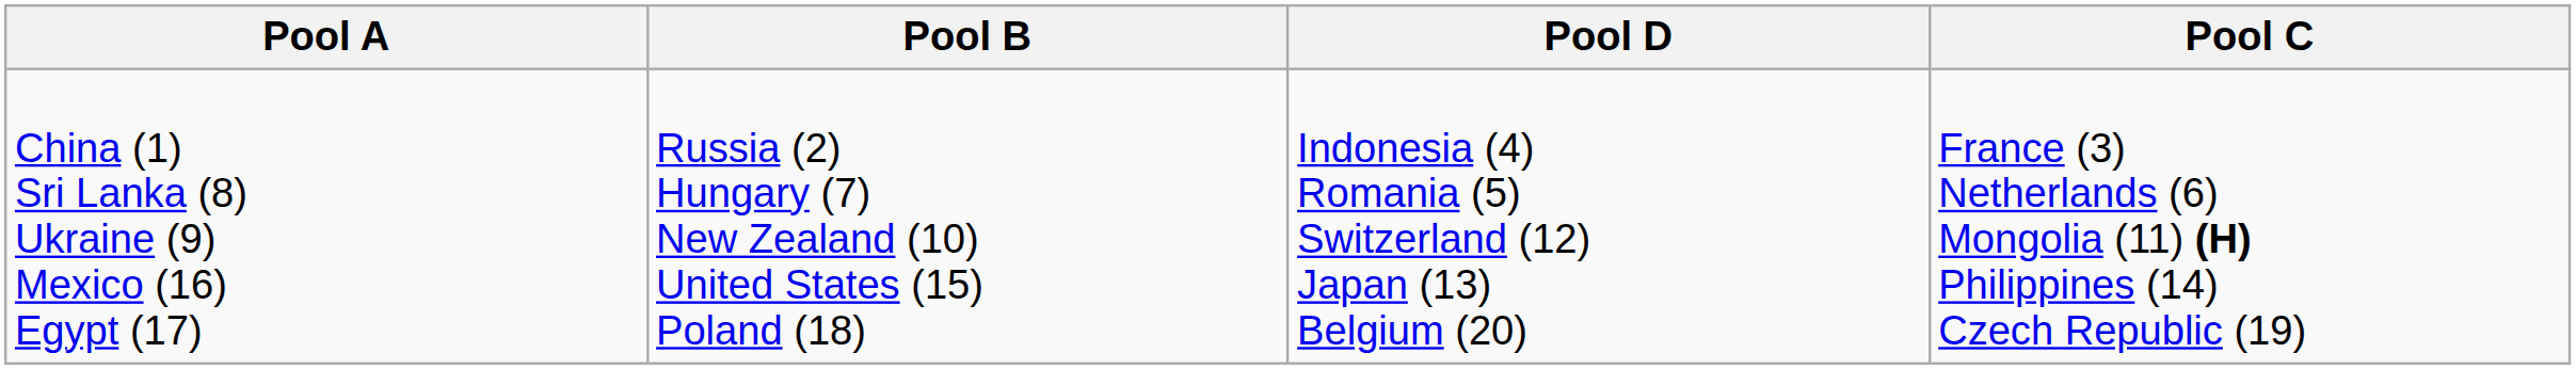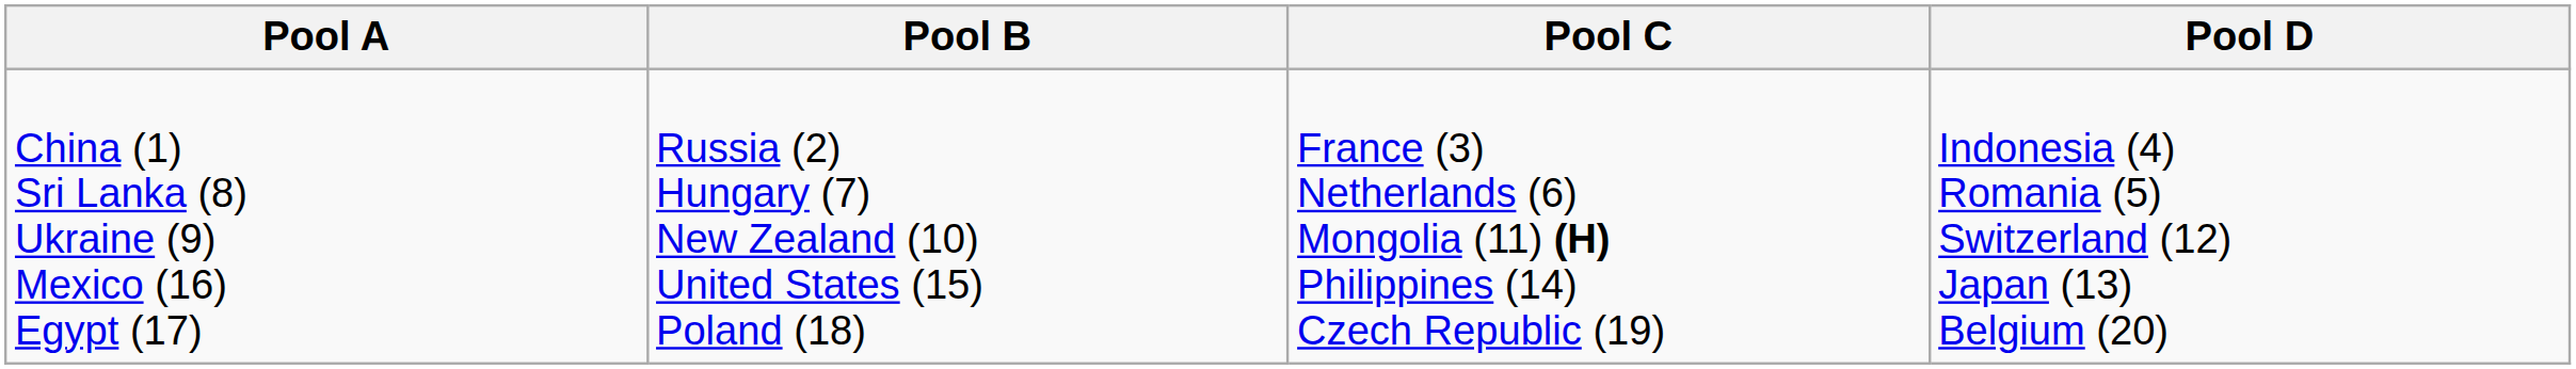 <table class="wikitable" width=80%>
 <tr>
 <th width=25%><strong>Pool A</strong></th>
 <th width=25%><strong>Pool B</strong></th>
+<th width=25%><strong>Pool C</strong></th>
 <th width=25%><strong>Pool D</strong></th>
-<th width=25%><strong>Pool C</strong></th>
 </tr>
 <tr>
 <td><br> <a href='#'>China</a> (1) <br>  <a href='#'>Sri Lanka</a> (8) <br>  <a href='#'>Ukraine</a> (9) <br>  <a href='#'>Mexico</a> (16) <br>  <a href='#'>Egypt</a> (17) <br></td>
 <td><br> <a href='#'>Russia</a> (2) <br>  <a href='#'>Hungary</a> (7)<br>   <a href='#'>New Zealand</a> (10)<br>   <a href='#'>United States</a> (15) <br>  <a href='#'>Poland</a> (18) <br></td>
+<td><br> <a href='#'>France</a> (3) <br>   <a href='#'>Netherlands</a> (6) <br>   <a href='#'>Mongolia</a> (11) <strong>(H)</strong> <br>   <a href='#'>Philippines</a> (14) <br>  <a href='#'>Czech Republic</a> (19) <br></td>
 <td><br> <a href='#'>Indonesia</a> (4) <br>  <a href='#'>Romania</a> (5) <br>  <a href='#'>Switzerland</a> (12) <br>  <a href='#'>Japan</a> (13) <br>  <a href='#'>Belgium</a> (20) <br></td>
-<td><br> <a href='#'>France</a> (3) <br>   <a href='#'>Netherlands</a> (6) <br>   <a href='#'>Mongolia</a> (11) <strong>(H)</strong> <br>   <a href='#'>Philippines</a> (14) <br>  <a href='#'>Czech Republic</a> (19) <br></td>
 </tr>
 </table>
